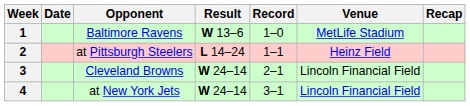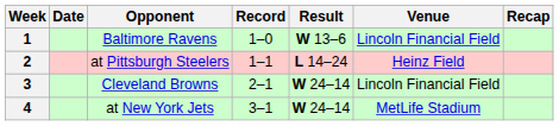 <table class="wikitable" style="text-align:center">
 <tr>
 <th>Week</th>
 <th>Date</th>
 <th>Opponent</th>
+<th>Record</th>
 <th>Result</th>
-<th>Record</th>
 <th>Venue</th>
 <th>Recap</th>
 </tr>
 <tr style="background:#cfc">
 <th>1</th>
 <td></td>
 <td><a href='#'>Baltimore Ravens</a></td>
+<td>1–0</td>
 <td><strong>W</strong> 13–6</td>
-<td>1–0</td>
-<td><a href='#'>MetLife Stadium</a></td>
+<td><a href='#'>Lincoln Financial Field</a></td>
 <td></td>
 </tr>
 <tr style="background:#fcc">
 <th>2</th>
 <td></td>
 <td>at <a href='#'>Pittsburgh Steelers</a></td>
+<td>1–1</td>
 <td><strong>L</strong> 14–24</td>
-<td>1–1</td>
 <td><a href='#'>Heinz Field</a></td>
 <td></td>
 </tr>
 <tr style="background:#cfc">
 <th>3</th>
 <td></td>
 <td><a href='#'>Cleveland Browns</a></td>
+<td>2–1</td>
 <td><strong>W</strong> 24–14</td>
-<td>2–1</td>
 <td>Lincoln Financial Field</td>
 <td></td>
 </tr>
 <tr style="background:#cfc">
 <th>4</th>
 <td></td>
 <td>at <a href='#'>New York Jets</a></td>
+<td>3–1</td>
 <td><strong>W</strong> 24–14</td>
-<td>3–1</td>
-<td><a href='#'>Lincoln Financial Field</a></td>
+<td><a href='#'>MetLife Stadium</a></td>
 <td></td>
 </tr>
 </table>
